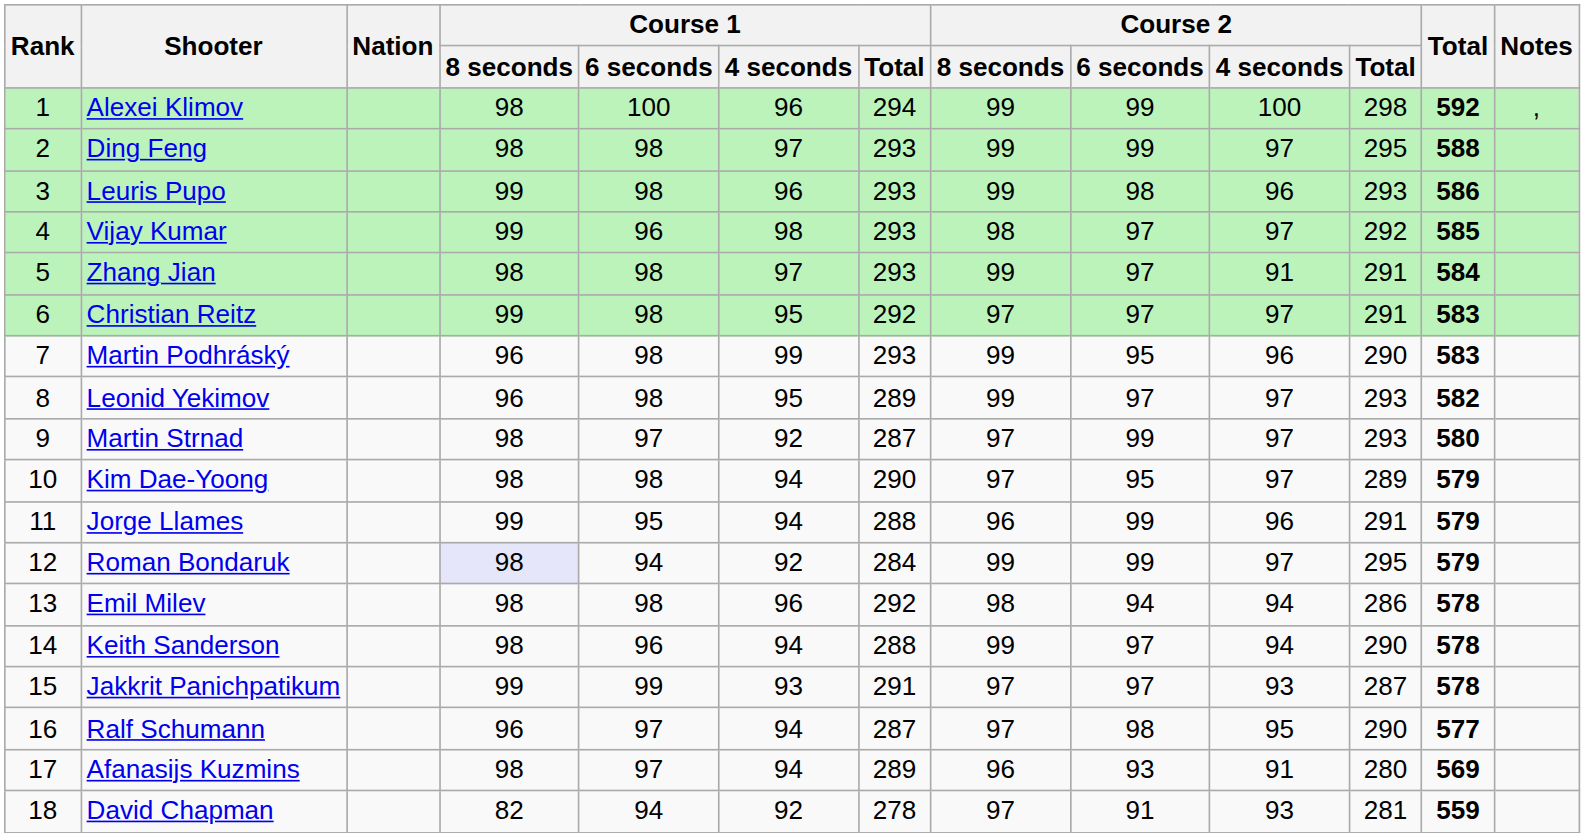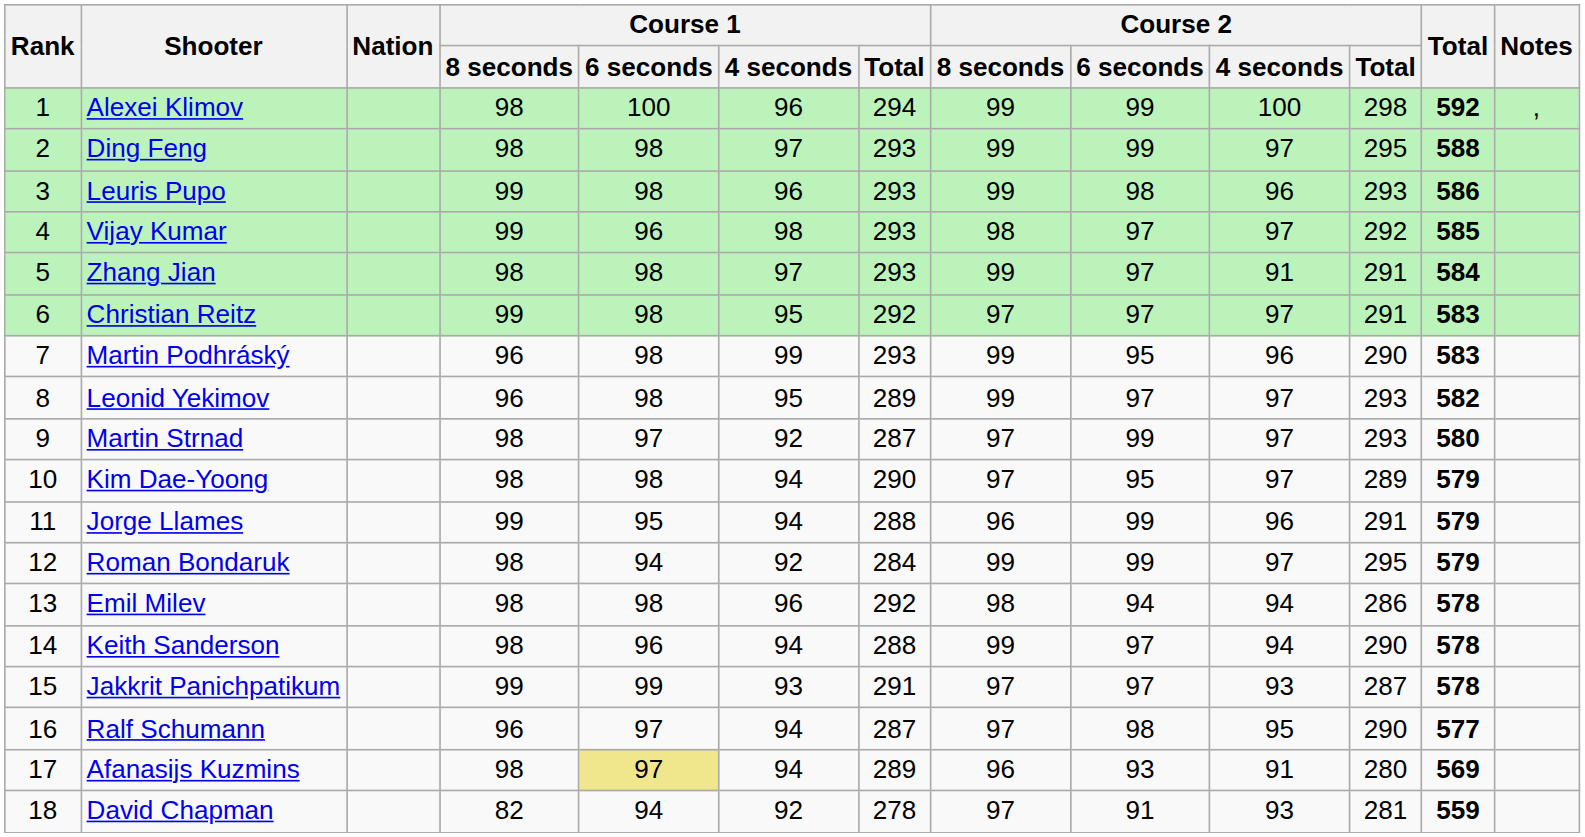 <table class="wikitable sortable" style="text-align: center">
 <tr>
 <th rowspan=2>Rank</th>
 <th rowspan=2>Shooter</th>
 <th rowspan=2>Nation</th>
 <th colspan=4>Course 1</th>
 <th colspan=4>Course 2</th>
 <th rowspan=2>Total</th>
 <th rowspan=2>Notes</th>
 </tr>
 <tr>
 <th>8 seconds</th>
 <th>6 seconds</th>
 <th>4 seconds</th>
 <th>Total</th>
 <th>8 seconds</th>
 <th>6 seconds</th>
 <th>4 seconds</th>
 <th>Total</th>
 </tr>
 <tr bgcolor=bbf3bb>
 <td>1</td>
 <td align=left><a href='#'>Alexei Klimov</a></td>
 <td align="left"></td>
 <td>98</td>
 <td>100</td>
 <td>96</td>
 <td>294</td>
 <td>99</td>
 <td>99</td>
 <td>100</td>
 <td>298</td>
 <td><strong>592</strong></td>
 <td>, <strong></strong></td>
 </tr>
 <tr bgcolor=bbf3bb>
 <td>2</td>
 <td align=left><a href='#'>Ding Feng</a></td>
 <td align="left"></td>
 <td>98</td>
 <td>98</td>
 <td>97</td>
 <td>293</td>
 <td>99</td>
 <td>99</td>
 <td>97</td>
 <td>295</td>
 <td><strong>588</strong></td>
 <td></td>
 </tr>
 <tr bgcolor=bbf3bb>
 <td>3</td>
 <td align=left><a href='#'>Leuris Pupo</a></td>
 <td align="left"></td>
 <td>99</td>
 <td>98</td>
 <td>96</td>
 <td>293</td>
 <td>99</td>
 <td>98</td>
 <td>96</td>
 <td>293</td>
 <td><strong>586</strong></td>
 <td></td>
 </tr>
 <tr bgcolor=bbf3bb>
 <td>4</td>
 <td align=left><a href='#'>Vijay Kumar</a></td>
 <td align="left"></td>
 <td>99</td>
 <td>96</td>
 <td>98</td>
 <td>293</td>
 <td>98</td>
 <td>97</td>
 <td>97</td>
 <td>292</td>
 <td><strong>585</strong></td>
 <td></td>
 </tr>
 <tr bgcolor=bbf3bb>
 <td>5</td>
 <td align=left><a href='#'>Zhang Jian</a></td>
 <td align="left"></td>
 <td>98</td>
 <td>98</td>
 <td>97</td>
 <td>293</td>
 <td>99</td>
 <td>97</td>
 <td>91</td>
 <td>291</td>
 <td><strong>584</strong></td>
 <td></td>
 </tr>
 <tr bgcolor=bbf3bb>
 <td>6</td>
 <td align=left><a href='#'>Christian Reitz</a></td>
 <td align="left"></td>
 <td>99</td>
 <td>98</td>
 <td>95</td>
 <td>292</td>
 <td>97</td>
 <td>97</td>
 <td>97</td>
 <td>291</td>
 <td><strong>583</strong></td>
 <td></td>
 </tr>
 <tr>
 <td>7</td>
 <td align=left><a href='#'>Martin Podhráský</a></td>
 <td align="left"></td>
 <td>96</td>
 <td>98</td>
 <td>99</td>
 <td>293</td>
 <td>99</td>
 <td>95</td>
 <td>96</td>
 <td>290</td>
 <td><strong>583</strong></td>
 <td></td>
 </tr>
 <tr>
 <td>8</td>
 <td align=left><a href='#'>Leonid Yekimov</a></td>
 <td align="left"></td>
 <td>96</td>
 <td>98</td>
 <td>95</td>
 <td>289</td>
 <td>99</td>
 <td>97</td>
 <td>97</td>
 <td>293</td>
 <td><strong>582</strong></td>
 <td></td>
 </tr>
 <tr>
 <td>9</td>
 <td align=left><a href='#'>Martin Strnad</a></td>
 <td align="left"></td>
 <td>98</td>
 <td>97</td>
 <td>92</td>
 <td>287</td>
 <td>97</td>
 <td>99</td>
 <td>97</td>
 <td>293</td>
 <td><strong>580</strong></td>
 <td></td>
 </tr>
 <tr>
 <td>10</td>
 <td align=left><a href='#'>Kim Dae-Yoong</a></td>
 <td align="left"></td>
 <td>98</td>
 <td>98</td>
 <td>94</td>
 <td>290</td>
 <td>97</td>
 <td>95</td>
 <td>97</td>
 <td>289</td>
 <td><strong>579</strong></td>
 <td></td>
 </tr>
 <tr>
 <td>11</td>
 <td align=left><a href='#'>Jorge Llames</a></td>
 <td align="left"></td>
 <td>99</td>
 <td>95</td>
 <td>94</td>
 <td>288</td>
 <td>96</td>
 <td>99</td>
 <td>96</td>
 <td>291</td>
 <td><strong>579</strong></td>
 <td></td>
 </tr>
 <tr>
 <td>12</td>
 <td align=left><a href='#'>Roman Bondaruk</a></td>
 <td align="left"></td>
-<td style="background: lavender;">98</td>
+<td>98</td>
 <td>94</td>
 <td>92</td>
 <td>284</td>
 <td>99</td>
 <td>99</td>
 <td>97</td>
 <td>295</td>
 <td><strong>579</strong></td>
 <td></td>
 </tr>
 <tr>
 <td>13</td>
 <td align=left><a href='#'>Emil Milev</a></td>
 <td align="left"></td>
 <td>98</td>
 <td>98</td>
 <td>96</td>
 <td>292</td>
 <td>98</td>
 <td>94</td>
 <td>94</td>
 <td>286</td>
 <td><strong>578</strong></td>
 <td></td>
 </tr>
 <tr>
 <td>14</td>
 <td align=left><a href='#'>Keith Sanderson</a></td>
 <td align="left"></td>
 <td>98</td>
 <td>96</td>
 <td>94</td>
 <td>288</td>
 <td>99</td>
 <td>97</td>
 <td>94</td>
 <td>290</td>
 <td><strong>578</strong></td>
 <td></td>
 </tr>
 <tr>
 <td>15</td>
 <td align=left><a href='#'>Jakkrit Panichpatikum</a></td>
 <td align="left"></td>
 <td>99</td>
 <td>99</td>
 <td>93</td>
 <td>291</td>
 <td>97</td>
 <td>97</td>
 <td>93</td>
 <td>287</td>
 <td><strong>578</strong></td>
 <td></td>
 </tr>
 <tr>
 <td>16</td>
 <td align=left><a href='#'>Ralf Schumann</a></td>
 <td align="left"></td>
 <td>96</td>
 <td>97</td>
 <td>94</td>
 <td>287</td>
 <td>97</td>
 <td>98</td>
 <td>95</td>
 <td>290</td>
 <td><strong>577</strong></td>
 <td></td>
 </tr>
 <tr>
 <td>17</td>
 <td align=left><a href='#'>Afanasijs Kuzmins</a></td>
 <td align="left"></td>
 <td>98</td>
-<td>97</td>
+<td style="background: khaki;">97</td>
 <td>94</td>
 <td>289</td>
 <td>96</td>
 <td>93</td>
 <td>91</td>
 <td>280</td>
 <td><strong>569</strong></td>
 <td></td>
 </tr>
 <tr>
 <td>18</td>
 <td align=left><a href='#'>David Chapman</a></td>
 <td align="left"></td>
 <td>82</td>
 <td>94</td>
 <td>92</td>
 <td>278</td>
 <td>97</td>
 <td>91</td>
 <td>93</td>
 <td>281</td>
 <td><strong>559</strong></td>
 <td></td>
 </tr>
 </table>
